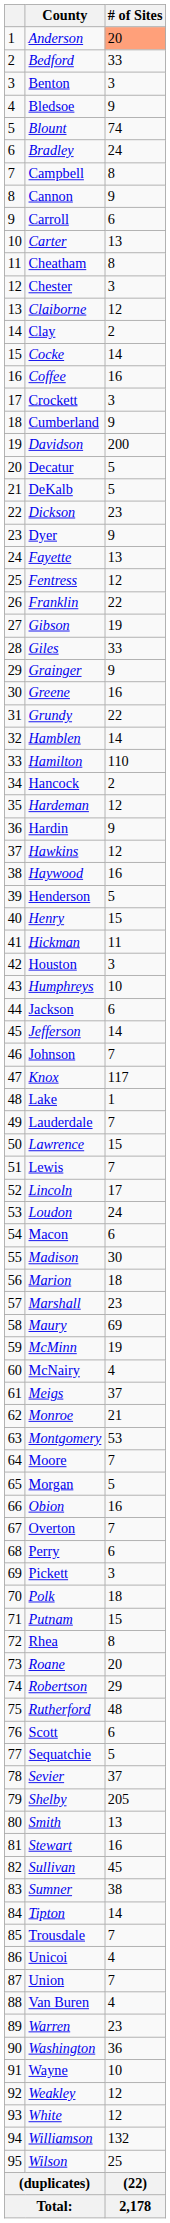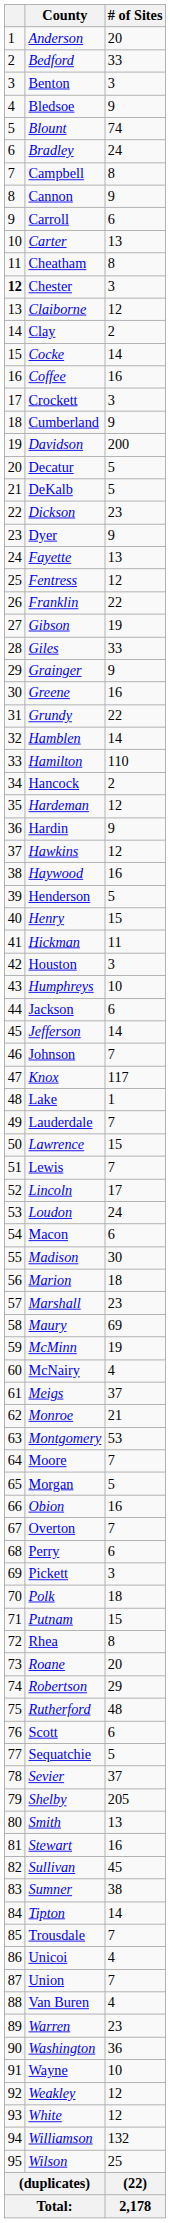 <table class="wikitable sortable">
 <tr>
 <th></th>
 <th><strong>County</strong></th>
 <th><strong># of Sites</strong></th>
 </tr>
 <tr ->
 <td>1</td>
 <td><em><a href='#'>Anderson</a></em></td>
-<td style="background: lightsalmon;">20</td>
+<td>20</td>
 </tr>
 <tr ->
 <td>2</td>
 <td><em><a href='#'>Bedford</a></em></td>
 <td>33</td>
 </tr>
 <tr ->
 <td>3</td>
 <td><a href='#'>Benton</a></td>
 <td>3</td>
 </tr>
 <tr ->
 <td>4</td>
 <td><a href='#'>Bledsoe</a></td>
 <td>9</td>
 </tr>
 <tr ->
 <td>5</td>
 <td><em><a href='#'>Blount</a></em></td>
 <td>74</td>
 </tr>
 <tr ->
 <td>6</td>
 <td><em><a href='#'>Bradley</a></em></td>
 <td>24</td>
 </tr>
 <tr ->
 <td>7</td>
 <td><a href='#'>Campbell</a></td>
 <td>8</td>
 </tr>
 <tr ->
 <td>8</td>
 <td><a href='#'>Cannon</a></td>
 <td>9</td>
 </tr>
 <tr ->
 <td>9</td>
 <td><a href='#'>Carroll</a></td>
 <td>6</td>
 </tr>
 <tr ->
 <td>10</td>
 <td><em><a href='#'>Carter</a></em></td>
 <td>13</td>
 </tr>
 <tr ->
 <td>11</td>
 <td><a href='#'>Cheatham</a></td>
 <td>8</td>
 </tr>
 <tr ->
-<td>12</td>
+<td><strong>12</strong></td>
 <td><a href='#'>Chester</a></td>
 <td>3</td>
 </tr>
 <tr ->
 <td>13</td>
 <td><em><a href='#'>Claiborne</a></em></td>
 <td>12</td>
 </tr>
 <tr ->
 <td>14</td>
 <td><a href='#'>Clay</a></td>
 <td>2</td>
 </tr>
 <tr ->
 <td>15</td>
 <td><em><a href='#'>Cocke</a></em></td>
 <td>14</td>
 </tr>
 <tr ->
 <td>16</td>
 <td><em><a href='#'>Coffee</a></em></td>
 <td>16</td>
 </tr>
 <tr ->
 <td>17</td>
 <td><a href='#'>Crockett</a></td>
 <td>3</td>
 </tr>
 <tr ->
 <td>18</td>
 <td><a href='#'>Cumberland</a></td>
 <td>9</td>
 </tr>
 <tr ->
 <td>19</td>
 <td><em><a href='#'>Davidson</a></em></td>
 <td>200</td>
 </tr>
 <tr ->
 <td>20</td>
 <td><a href='#'>Decatur</a></td>
 <td>5</td>
 </tr>
 <tr ->
 <td>21</td>
 <td><a href='#'>DeKalb</a></td>
 <td>5</td>
 </tr>
 <tr ->
 <td>22</td>
 <td><em><a href='#'>Dickson</a></em></td>
 <td>23</td>
 </tr>
 <tr ->
 <td>23</td>
 <td><a href='#'>Dyer</a></td>
 <td>9</td>
 </tr>
 <tr ->
 <td>24</td>
 <td><em><a href='#'>Fayette</a></em></td>
 <td>13</td>
 </tr>
 <tr ->
 <td>25</td>
 <td><em><a href='#'>Fentress</a></em></td>
 <td>12</td>
 </tr>
 <tr ->
 <td>26</td>
 <td><em><a href='#'>Franklin</a></em></td>
 <td>22</td>
 </tr>
 <tr ->
 <td>27</td>
 <td><em><a href='#'>Gibson</a></em></td>
 <td>19</td>
 </tr>
 <tr ->
 <td>28</td>
 <td><em><a href='#'>Giles</a></em></td>
 <td>33</td>
 </tr>
 <tr ->
 <td>29</td>
 <td><em><a href='#'>Grainger</a></em></td>
 <td>9</td>
 </tr>
 <tr ->
 <td>30</td>
 <td><em><a href='#'>Greene</a></em></td>
 <td>16</td>
 </tr>
 <tr ->
 <td>31</td>
 <td><em><a href='#'>Grundy</a></em></td>
 <td>22</td>
 </tr>
 <tr ->
 <td>32</td>
 <td><em><a href='#'>Hamblen</a></em></td>
 <td>14</td>
 </tr>
 <tr ->
 <td>33</td>
 <td><em><a href='#'>Hamilton</a></em></td>
 <td>110</td>
 </tr>
 <tr ->
 <td>34</td>
 <td><a href='#'>Hancock</a></td>
 <td>2</td>
 </tr>
 <tr ->
 <td>35</td>
 <td><em><a href='#'>Hardeman</a></em></td>
 <td>12</td>
 </tr>
 <tr ->
 <td>36</td>
 <td><a href='#'>Hardin</a></td>
 <td>9</td>
 </tr>
 <tr ->
 <td>37</td>
 <td><em><a href='#'>Hawkins</a></em></td>
 <td>12</td>
 </tr>
 <tr ->
 <td>38</td>
 <td><em><a href='#'>Haywood</a></em></td>
 <td>16</td>
 </tr>
 <tr ->
 <td>39</td>
 <td><a href='#'>Henderson</a></td>
 <td>5</td>
 </tr>
 <tr ->
 <td>40</td>
 <td><em><a href='#'>Henry</a></em></td>
 <td>15</td>
 </tr>
 <tr ->
 <td>41</td>
 <td><em><a href='#'>Hickman</a></em></td>
 <td>11</td>
 </tr>
 <tr ->
 <td>42</td>
 <td><a href='#'>Houston</a></td>
 <td>3</td>
 </tr>
 <tr ->
 <td>43</td>
 <td><em><a href='#'>Humphreys</a></em></td>
 <td>10</td>
 </tr>
 <tr ->
 <td>44</td>
 <td><a href='#'>Jackson</a></td>
 <td>6</td>
 </tr>
 <tr ->
 <td>45</td>
 <td><em><a href='#'>Jefferson</a></em></td>
 <td>14</td>
 </tr>
 <tr ->
 <td>46</td>
 <td><a href='#'>Johnson</a></td>
 <td>7</td>
 </tr>
 <tr ->
 <td>47</td>
 <td><em><a href='#'>Knox</a></em></td>
 <td>117</td>
 </tr>
 <tr ->
 <td>48</td>
 <td><a href='#'>Lake</a></td>
 <td>1</td>
 </tr>
 <tr ->
 <td>49</td>
 <td><a href='#'>Lauderdale</a></td>
 <td>7</td>
 </tr>
 <tr ->
 <td>50</td>
 <td><em><a href='#'>Lawrence</a></em></td>
 <td>15</td>
 </tr>
 <tr ->
 <td>51</td>
 <td><a href='#'>Lewis</a></td>
 <td>7</td>
 </tr>
 <tr ->
 <td>52</td>
 <td><em><a href='#'>Lincoln</a></em></td>
 <td>17</td>
 </tr>
 <tr ->
 <td>53</td>
 <td><em><a href='#'>Loudon</a></em></td>
 <td>24</td>
 </tr>
 <tr ->
 <td>54</td>
 <td><a href='#'>Macon</a></td>
 <td>6</td>
 </tr>
 <tr ->
 <td>55</td>
 <td><em><a href='#'>Madison</a></em></td>
 <td>30</td>
 </tr>
 <tr ->
 <td>56</td>
 <td><em><a href='#'>Marion</a></em></td>
 <td>18</td>
 </tr>
 <tr ->
 <td>57</td>
 <td><em><a href='#'>Marshall</a></em></td>
 <td>23</td>
 </tr>
 <tr ->
 <td>58</td>
 <td><em><a href='#'>Maury</a></em></td>
 <td>69</td>
 </tr>
 <tr ->
 <td>59</td>
 <td><em><a href='#'>McMinn</a></em></td>
 <td>19</td>
 </tr>
 <tr ->
 <td>60</td>
 <td><a href='#'>McNairy</a></td>
 <td>4</td>
 </tr>
 <tr ->
 <td>61</td>
 <td><em><a href='#'>Meigs</a></em></td>
 <td>37</td>
 </tr>
 <tr ->
 <td>62</td>
 <td><em><a href='#'>Monroe</a></em></td>
 <td>21</td>
 </tr>
 <tr ->
 <td>63</td>
 <td><em><a href='#'>Montgomery</a></em></td>
 <td>53</td>
 </tr>
 <tr ->
 <td>64</td>
 <td><a href='#'>Moore</a></td>
 <td>7</td>
 </tr>
 <tr ->
 <td>65</td>
 <td><a href='#'>Morgan</a></td>
 <td>5</td>
 </tr>
 <tr ->
 <td>66</td>
 <td><em><a href='#'>Obion</a></em></td>
 <td>16</td>
 </tr>
 <tr ->
 <td>67</td>
 <td><a href='#'>Overton</a></td>
 <td>7</td>
 </tr>
 <tr ->
 <td>68</td>
 <td><a href='#'>Perry</a></td>
 <td>6</td>
 </tr>
 <tr ->
 <td>69</td>
 <td><a href='#'>Pickett</a></td>
 <td>3</td>
 </tr>
 <tr ->
 <td>70</td>
 <td><em><a href='#'>Polk</a></em></td>
 <td>18</td>
 </tr>
 <tr ->
 <td>71</td>
 <td><em><a href='#'>Putnam</a></em></td>
 <td>15</td>
 </tr>
 <tr ->
 <td>72</td>
 <td><a href='#'>Rhea</a></td>
 <td>8</td>
 </tr>
 <tr ->
 <td>73</td>
 <td><em><a href='#'>Roane</a></em></td>
 <td>20</td>
 </tr>
 <tr ->
 <td>74</td>
 <td><em><a href='#'>Robertson</a></em></td>
 <td>29</td>
 </tr>
 <tr ->
 <td>75</td>
 <td><em><a href='#'>Rutherford</a></em></td>
 <td>48</td>
 </tr>
 <tr ->
 <td>76</td>
 <td><a href='#'>Scott</a></td>
 <td>6</td>
 </tr>
 <tr ->
 <td>77</td>
 <td><a href='#'>Sequatchie</a></td>
 <td>5</td>
 </tr>
 <tr ->
 <td>78</td>
 <td><em><a href='#'>Sevier</a></em></td>
 <td>37</td>
 </tr>
 <tr ->
 <td>79</td>
 <td><em><a href='#'>Shelby</a></em></td>
 <td>205</td>
 </tr>
 <tr ->
 <td>80</td>
 <td><em><a href='#'>Smith</a></em></td>
 <td>13</td>
 </tr>
 <tr ->
 <td>81</td>
 <td><em><a href='#'>Stewart</a></em></td>
 <td>16</td>
 </tr>
 <tr ->
 <td>82</td>
 <td><em><a href='#'>Sullivan</a></em></td>
 <td>45</td>
 </tr>
 <tr ->
 <td>83</td>
 <td><em><a href='#'>Sumner</a></em></td>
 <td>38</td>
 </tr>
 <tr ->
 <td>84</td>
 <td><em><a href='#'>Tipton</a></em></td>
 <td>14</td>
 </tr>
 <tr ->
 <td>85</td>
 <td><a href='#'>Trousdale</a></td>
 <td>7</td>
 </tr>
 <tr ->
 <td>86</td>
 <td><a href='#'>Unicoi</a></td>
 <td>4</td>
 </tr>
 <tr ->
 <td>87</td>
 <td><a href='#'>Union</a></td>
 <td>7</td>
 </tr>
 <tr ->
 <td>88</td>
 <td><a href='#'>Van Buren</a></td>
 <td>4</td>
 </tr>
 <tr ->
 <td>89</td>
 <td><em><a href='#'>Warren</a></em></td>
 <td>23</td>
 </tr>
 <tr ->
 <td>90</td>
 <td><em><a href='#'>Washington</a></em></td>
 <td>36</td>
 </tr>
 <tr ->
 <td>91</td>
 <td><a href='#'>Wayne</a></td>
 <td>10</td>
 </tr>
 <tr ->
 <td>92</td>
 <td><em><a href='#'>Weakley</a></em></td>
 <td>12</td>
 </tr>
 <tr ->
 <td>93</td>
 <td><em><a href='#'>White</a></em></td>
 <td>12</td>
 </tr>
 <tr ->
 <td>94</td>
 <td><em><a href='#'>Williamson</a></em></td>
 <td>132</td>
 </tr>
 <tr ->
 <td>95</td>
 <td><em><a href='#'>Wilson</a></em></td>
 <td>25</td>
 </tr>
 <tr class="sortbottom">
 <th colspan="2">(duplicates)</th>
 <th>(22)</th>
 </tr>
 <tr class="sortbottom">
 <th colspan="2">Total:</th>
 <th>2,178</th>
 </tr>
 </table>
